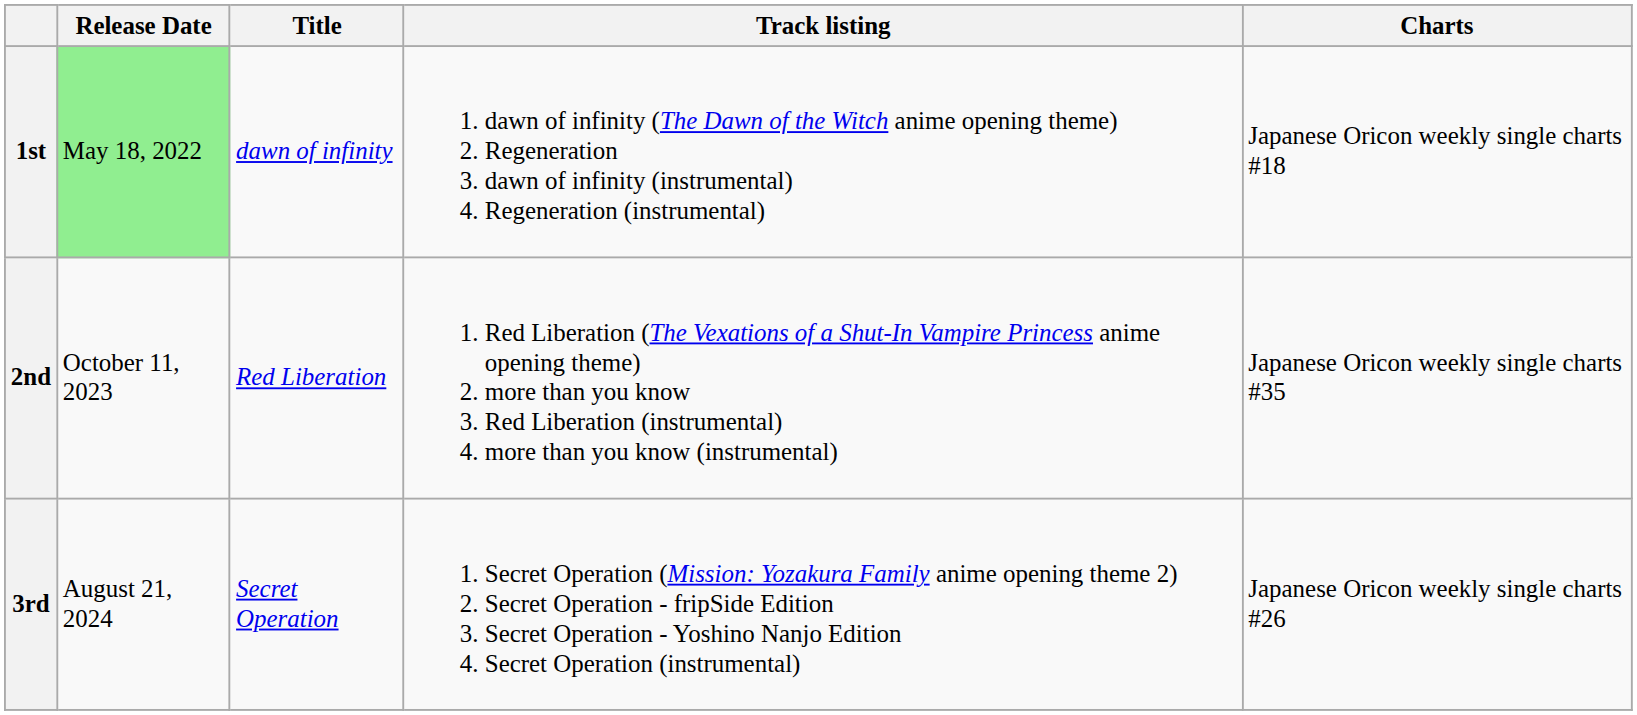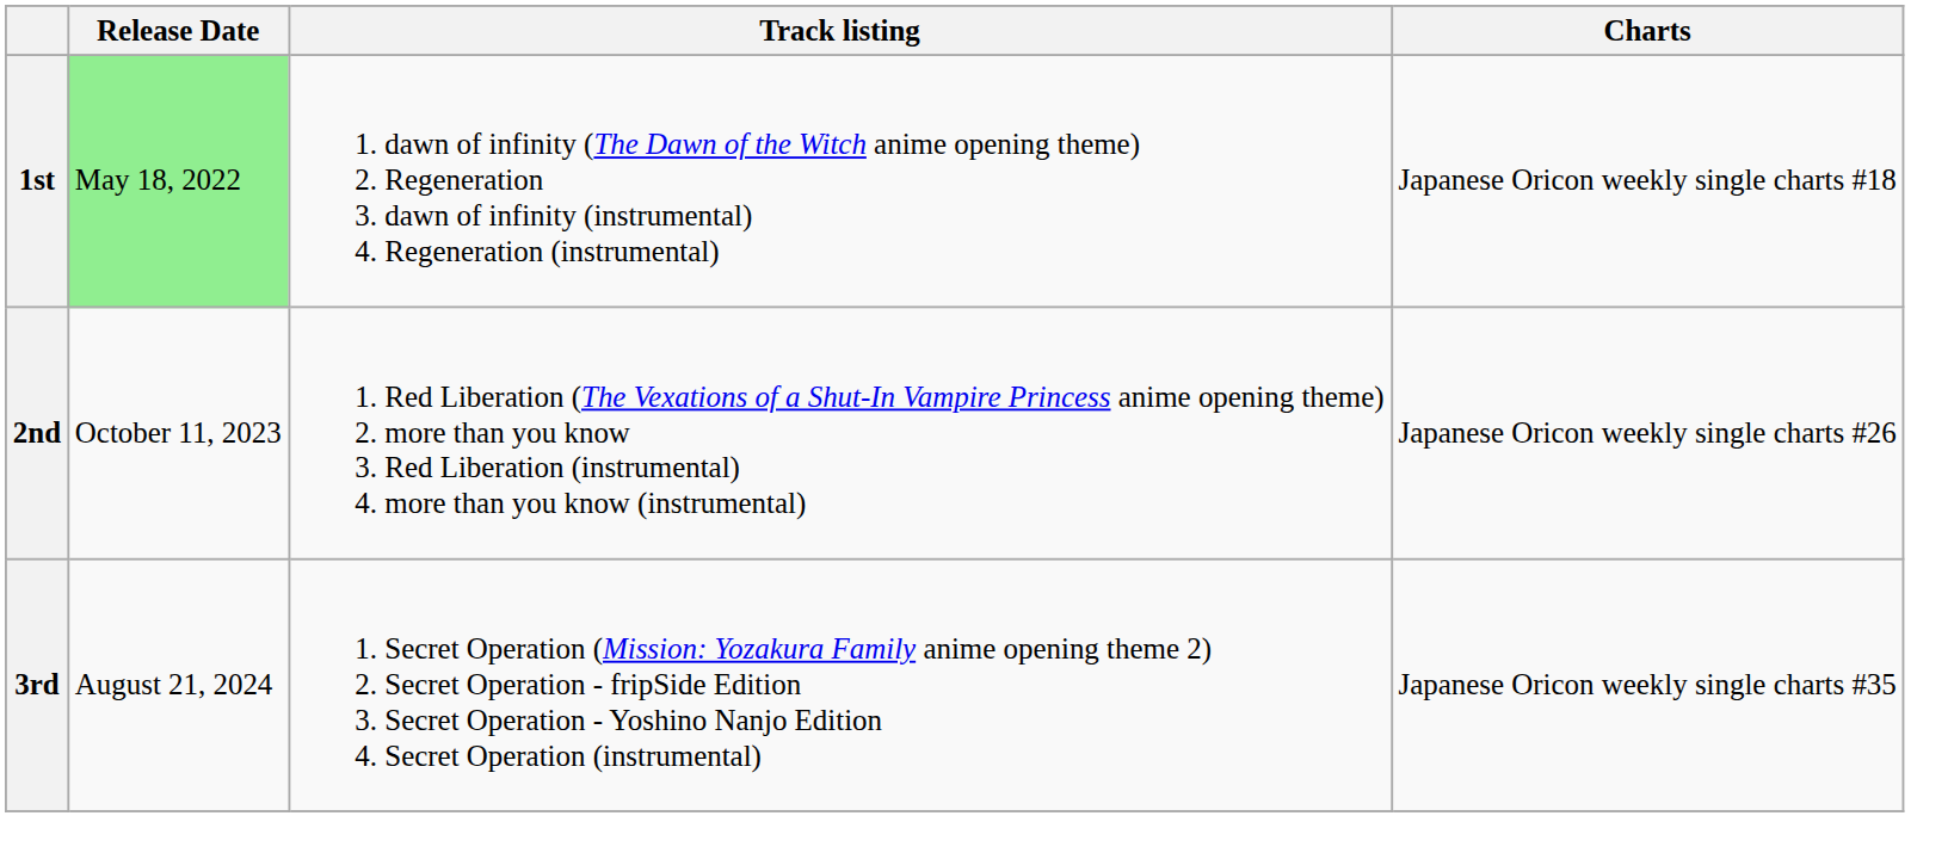 <table class="wikitable" style="font-size:smaller">
 <tr>
 <th> </th>
 <th>Release Date</th>
-<th>Title</th>
 <th>Track listing</th>
 <th>Charts</th>
 </tr>
 <tr>
 <th>1st</th>
 <td style="background: lightgreen;">May 18, 2022</td>
-<td><em><a href='#'>dawn of infinity</a></em></td>
 <td><br><ol><li>dawn of infinity (<em><a href='#'>The Dawn of the Witch</a></em> anime opening theme)</li><li>Regeneration</li><li>dawn of infinity (instrumental)</li><li>Regeneration (instrumental)</li></ol></td>
 <td>Japanese Oricon weekly single charts #18</td>
 </tr>
 <tr>
 <th>2nd</th>
 <td>October 11, 2023</td>
-<td><em><a href='#'>Red Liberation</a></em></td>
 <td><br><ol><li>Red Liberation (<em><a href='#'>The Vexations of a Shut-In Vampire Princess</a></em> anime opening theme)</li><li>more than you know</li><li>Red Liberation (instrumental)</li><li>more than you know (instrumental)</li></ol></td>
-<td>Japanese Oricon weekly single charts #35</td>
+<td>Japanese Oricon weekly single charts #26</td>
 </tr>
 <tr>
 <th>3rd</th>
 <td>August 21, 2024</td>
-<td><em><a href='#'>Secret Operation</a></em></td>
 <td><br><ol><li>Secret Operation (<em><a href='#'>Mission: Yozakura Family</a></em> anime opening theme 2)</li><li>Secret Operation - fripSide Edition</li><li>Secret Operation - Yoshino Nanjo Edition</li><li>Secret Operation (instrumental)</li></ol></td>
-<td>Japanese Oricon weekly single charts #26</td>
+<td>Japanese Oricon weekly single charts #35</td>
 </tr>
 </table>
